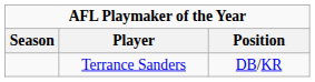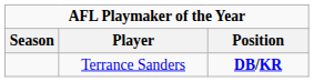 <table class="wikitable sortable" style="text-align:center">
 <tr>
 <td colspan="4"><strong>AFL Playmaker of the Year</strong></td>
 </tr>
 <tr>
 <th style="width:50px; ">Season</th>
 <th style="width:150px; ">Player</th>
 <th style="width:100px; ">Position</th>
 </tr>
 <tr>
 <td></td>
 <td><a href='#'>Terrance Sanders</a></td>
-<td><a href='#'>DB</a>/<a href='#'>KR</a></td>
+<td><strong><a href='#'>DB</a>/<a href='#'>KR</a></strong></td>
 </tr>
 </table>
